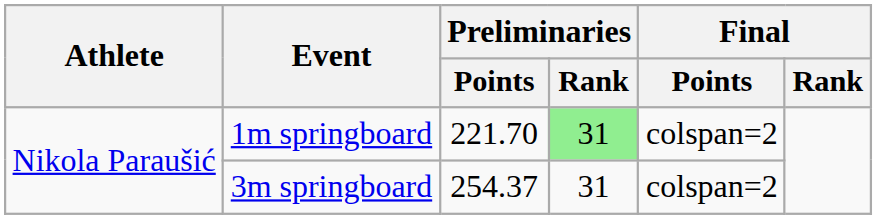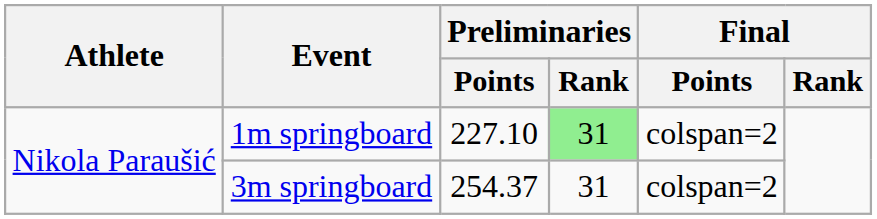 <table class="wikitable" style="font-size:90%">
 <tr>
 <th rowspan="2">Athlete</th>
 <th rowspan="2">Event</th>
 <th colspan=2>Preliminaries</th>
 <th colspan=2>Final</th>
 </tr>
 <tr style="font-size:95%">
 <th>Points</th>
 <th>Rank</th>
 <th>Points</th>
 <th>Rank</th>
 </tr>
 <tr align=center>
 <td align=left rowspan=2><a href='#'>Nikola Paraušić</a></td>
 <td align="left"><a href='#'>1m springboard</a></td>
-<td>221.70</td>
+<td>227.10</td>
 <td style="background: lightgreen;">31</td>
 <td>colspan=2 </td>
 </tr>
 <tr align=center>
 <td align="left"><a href='#'>3m springboard</a></td>
 <td>254.37</td>
 <td>31</td>
 <td>colspan=2 </td>
 </tr>
 </table>
